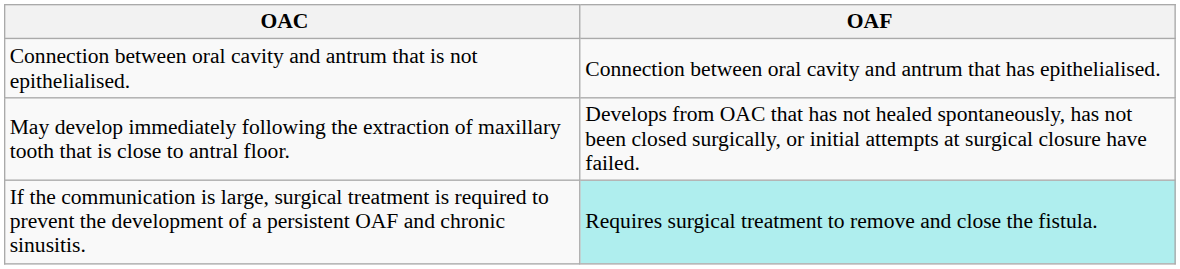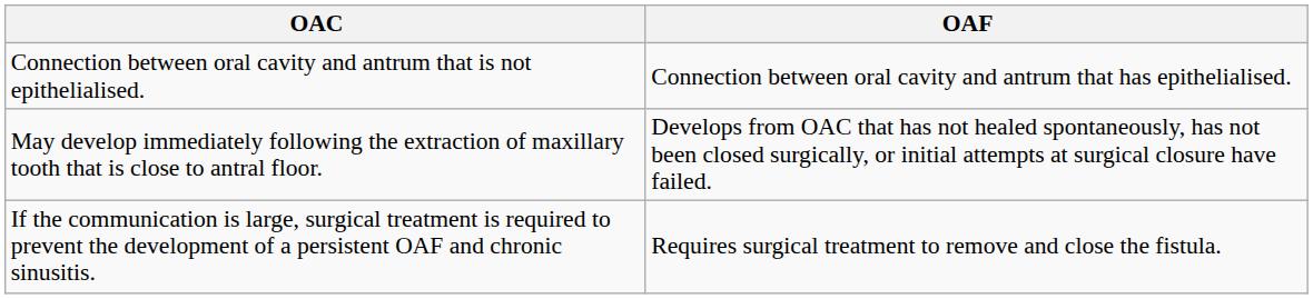 <table class="wikitable">
 <tr>
 <th>OAC   </th>
 <th>OAF   </th>
 </tr>
 <tr>
 <td>Connection between oral cavity and antrum that is not epithelialised.</td>
 <td>Connection between oral cavity and antrum that has epithelialised.</td>
 </tr>
 <tr>
 <td>May develop immediately following the extraction of maxillary tooth that is close to antral floor.</td>
 <td>Develops from OAC that has not healed spontaneously, has not been closed surgically, or initial attempts at surgical closure have failed.</td>
 </tr>
 <tr>
 <td>If the communication is large, surgical treatment is required to prevent the development of a persistent OAF and chronic sinusitis.</td>
-<td style="background: paleturquoise;">Requires surgical treatment to remove and close the fistula.</td>
+<td>Requires surgical treatment to remove and close the fistula.</td>
 </tr>
 </table>
